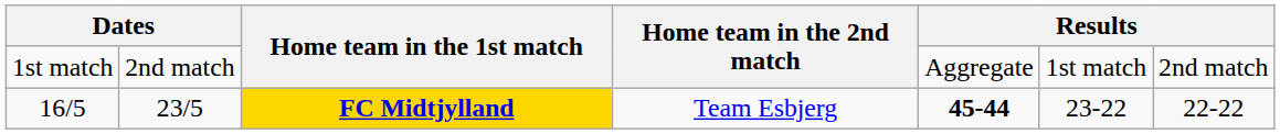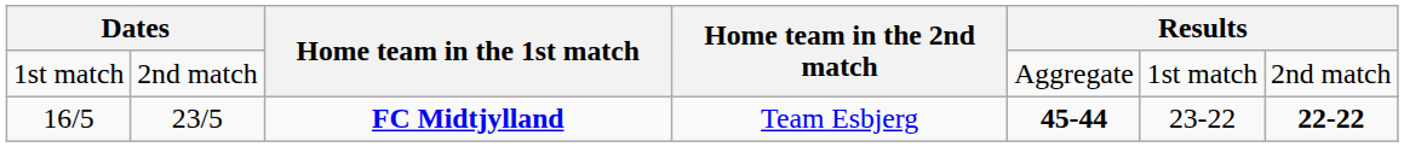 <table class="wikitable" style="text-align:center; margin-left:1em;">
 <tr>
 <th colspan="2">Dates</th>
 <th rowspan="2" style="width:220px;">Home team in the 1st match</th>
 <th rowspan="2" style="width:180px;">Home team in the 2nd match</th>
 <th colspan="3">Results</th>
 </tr>
 <tr>
 <td>1st match</td>
 <td>2nd match</td>
 <td>Aggregate</td>
 <td>1st match</td>
 <td>2nd match</td>
 </tr>
 <tr>
 <td>16/5</td>
 <td>23/5</td>
-<td style="background: gold;"><strong><a href='#'>FC Midtjylland</a></strong></td>
+<td><strong><a href='#'>FC Midtjylland</a></strong></td>
 <td><a href='#'>Team Esbjerg</a></td>
 <td><strong>45-44</strong></td>
 <td>23-22</td>
-<td>22-22</td>
+<td><strong>22-22</strong></td>
 </tr>
 </table>
